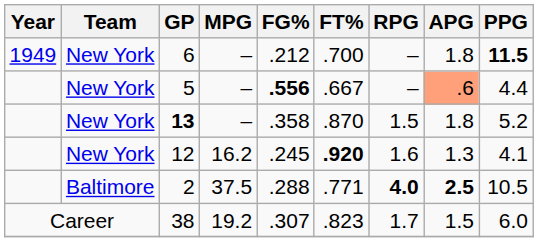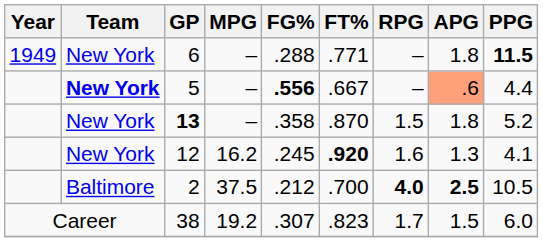 <table class="wikitable sortable" style="font-size:95%; text-align:right;">
 <tr>
 <th>Year</th>
 <th>Team</th>
 <th>GP</th>
 <th>MPG</th>
 <th>FG%</th>
 <th>FT%</th>
 <th>RPG</th>
 <th>APG</th>
 <th>PPG</th>
 </tr>
 <tr>
 <td style="text-align:left;"><a href='#'>1949</a></td>
 <td style="text-align:left;"><a href='#'>New York</a></td>
 <td>6</td>
 <td>–</td>
-<td>.212</td>
-<td>.700</td>
+<td>.288</td>
+<td>.771</td>
 <td>–</td>
 <td>1.8</td>
 <td><strong>11.5</strong></td>
 </tr>
 <tr>
 <td style="text-align:left;"></td>
-<td style="text-align:left;"><a href='#'>New York</a></td>
+<td style="text-align:left;"><strong><a href='#'>New York</a></strong></td>
 <td>5</td>
 <td>–</td>
 <td><strong>.556</strong></td>
 <td>.667</td>
 <td>–</td>
 <td style="background: lightsalmon;">.6</td>
 <td>4.4</td>
 </tr>
 <tr>
 <td style="text-align:left;"></td>
 <td style="text-align:left;"><a href='#'>New York</a></td>
 <td><strong>13</strong></td>
 <td>–</td>
 <td>.358</td>
 <td>.870</td>
 <td>1.5</td>
 <td>1.8</td>
 <td>5.2</td>
 </tr>
 <tr>
 <td style="text-align:left;"></td>
 <td style="text-align:left;"><a href='#'>New York</a></td>
 <td>12</td>
 <td>16.2</td>
 <td>.245</td>
 <td><strong>.920</strong></td>
 <td>1.6</td>
 <td>1.3</td>
 <td>4.1</td>
 </tr>
 <tr>
 <td style="text-align:left;"></td>
 <td style="text-align:left;"><a href='#'>Baltimore</a></td>
 <td>2</td>
 <td>37.5</td>
-<td>.288</td>
-<td>.771</td>
+<td>.212</td>
+<td>.700</td>
 <td><strong>4.0</strong></td>
 <td><strong>2.5</strong></td>
 <td>10.5</td>
 </tr>
 <tr>
 <td style="text-align:center;" colspan="2">Career</td>
 <td>38</td>
 <td>19.2</td>
 <td>.307</td>
 <td>.823</td>
 <td>1.7</td>
 <td>1.5</td>
 <td>6.0</td>
 </tr>
 <tr>
 </tr>
 </table>
